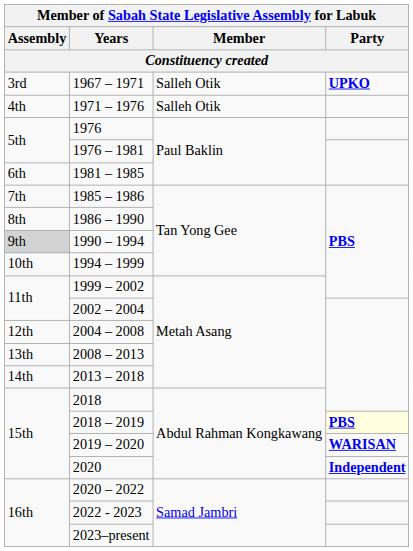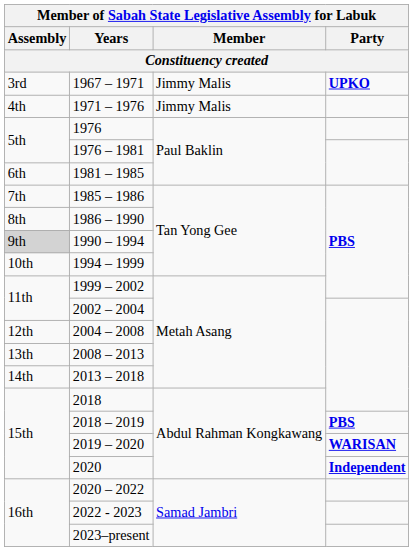 <table class="wikitable">
 <tr>
 <th colspan="4">Member of <a href='#'>Sabah State Legislative Assembly</a> for Labuk</th>
 </tr>
 <tr>
 <th>Assembly</th>
 <th>Years</th>
 <th>Member</th>
 <th>Party</th>
 </tr>
 <tr>
 <th colspan="4" align="center"><em>Constituency created</em></th>
 </tr>
 <tr>
 <td>3rd</td>
 <td>1967 – 1971</td>
-<td>Salleh Otik</td>
+<td>Jimmy Malis</td>
 <td><strong><a href='#'>UPKO</a></strong></td>
 </tr>
 <tr>
 <td>4th</td>
 <td>1971 – 1976</td>
-<td>Salleh Otik</td>
+<td>Jimmy Malis</td>
 <td></td>
 </tr>
 <tr>
 <td rowspan="2">5th</td>
 <td>1976</td>
 <td rowspan="3">Paul Baklin</td>
 <td></td>
 </tr>
 <tr>
 <td>1976 – 1981</td>
 <td rowspan="2"></td>
 </tr>
 <tr>
 <td>6th</td>
 <td>1981 – 1985</td>
 </tr>
 <tr>
 <td>7th</td>
 <td>1985 – 1986</td>
 <td rowspan="4">Tan Yong Gee</td>
 <td rowspan="5"><strong><a href='#'>PBS</a></strong></td>
 </tr>
 <tr>
 <td>8th</td>
 <td>1986 – 1990</td>
 </tr>
 <tr>
 <td style="background: lightgrey;">9th</td>
 <td>1990 – 1994</td>
 </tr>
 <tr>
 <td>10th</td>
 <td>1994 – 1999</td>
 </tr>
 <tr>
 <td rowspan="2">11th</td>
 <td>1999 – 2002</td>
 <td rowspan="5">Metah Asang</td>
 </tr>
 <tr>
 <td>2002 – 2004</td>
 <td rowspan="5"></td>
 </tr>
 <tr>
 <td>12th</td>
 <td>2004 – 2008</td>
 </tr>
 <tr>
 <td>13th</td>
 <td>2008 – 2013</td>
 </tr>
 <tr>
 <td>14th</td>
 <td>2013 – 2018</td>
 </tr>
 <tr>
 <td rowspan="4">15th</td>
 <td>2018</td>
 <td rowspan="4">Abdul Rahman Kongkawang</td>
 </tr>
 <tr>
 <td>2018 – 2019</td>
-<td style="background: lightyellow;"><strong><a href='#'>PBS</a></strong></td>
+<td><strong><a href='#'>PBS</a></strong></td>
 </tr>
 <tr>
 <td>2019 – 2020</td>
 <td><strong><a href='#'>WARISAN</a></strong></td>
 </tr>
 <tr>
 <td>2020</td>
 <td><strong><a href='#'>Independent</a></strong></td>
 </tr>
 <tr>
 <td rowspan="3">16th</td>
 <td>2020 – 2022</td>
 <td rowspan="3"><a href='#'>Samad Jambri</a></td>
 <td></td>
 </tr>
 <tr>
 <td>2022 - 2023</td>
 <td></td>
 </tr>
 <tr>
 <td>2023–present</td>
 <td></td>
 </tr>
 </table>
